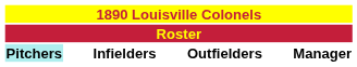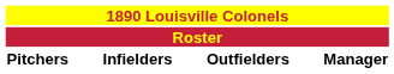 <table class="toccolours" style="font-size: 95%;">
 <tr>
 <th colspan="10" style="background-color: #FFFF00; color: #C41E3A; text-align: center;">1890 Louisville Colonels</th>
 </tr>
 <tr>
 <td colspan="10" style="background-color: #C41E3A; color: yellow; text-align: center;"><strong>Roster</strong></td>
 </tr>
 <tr>
-<td valign="top" style="background: paleturquoise;"><strong>Pitchers</strong><br>       </td>
+<td valign="top"><strong>Pitchers</strong><br>       </td>
 <td width="25px"></td>
 <td valign="top"><strong>Infielders</strong><br>        </td>
 <td width="25px"></td>
 <td valign="top"><strong>Outfielders</strong><br>  </td>
 <td width="25px"></td>
 <td valign="top"><strong>Manager</strong><br></td>
 </tr>
 </table>
